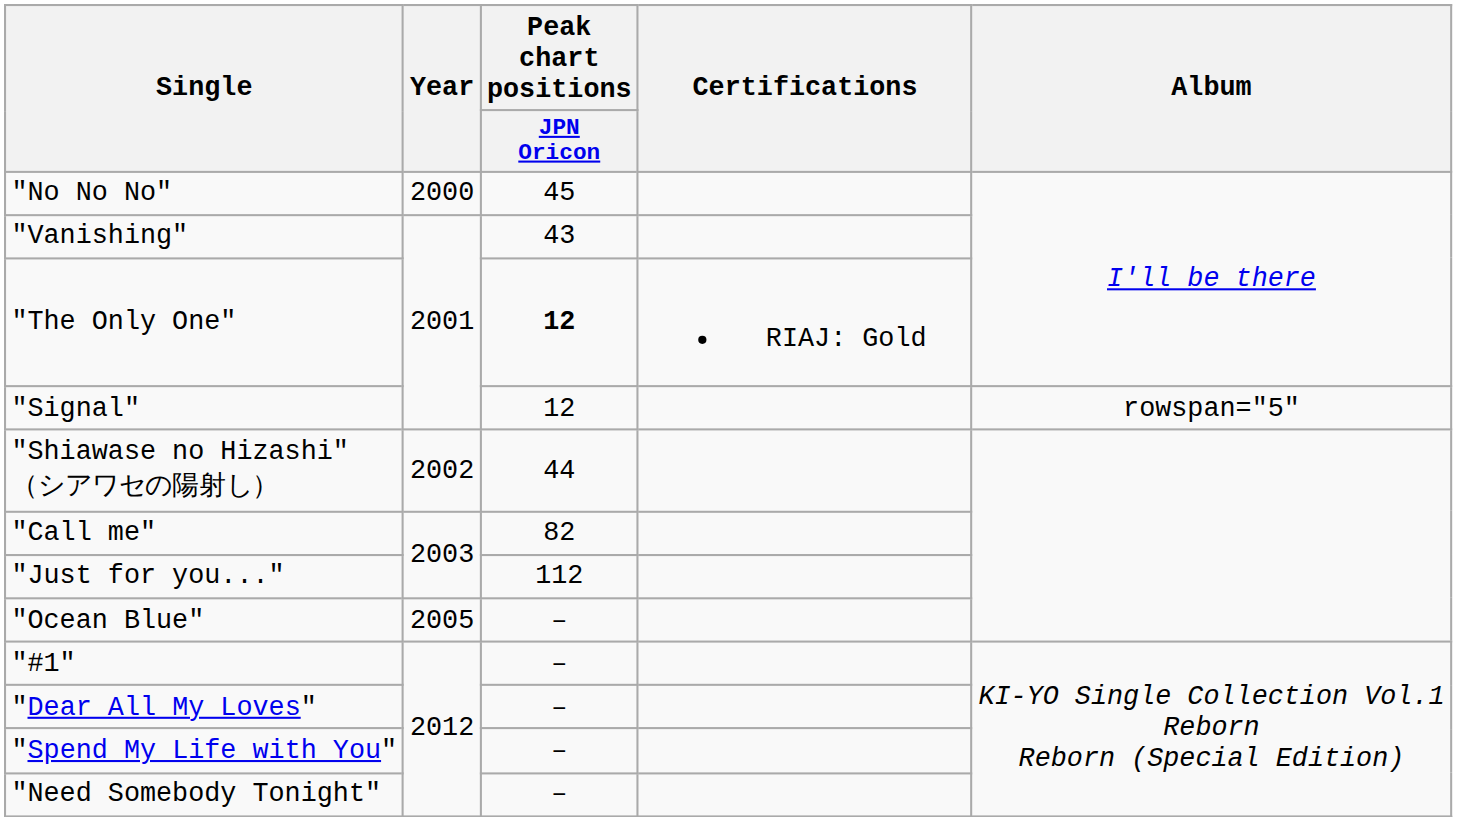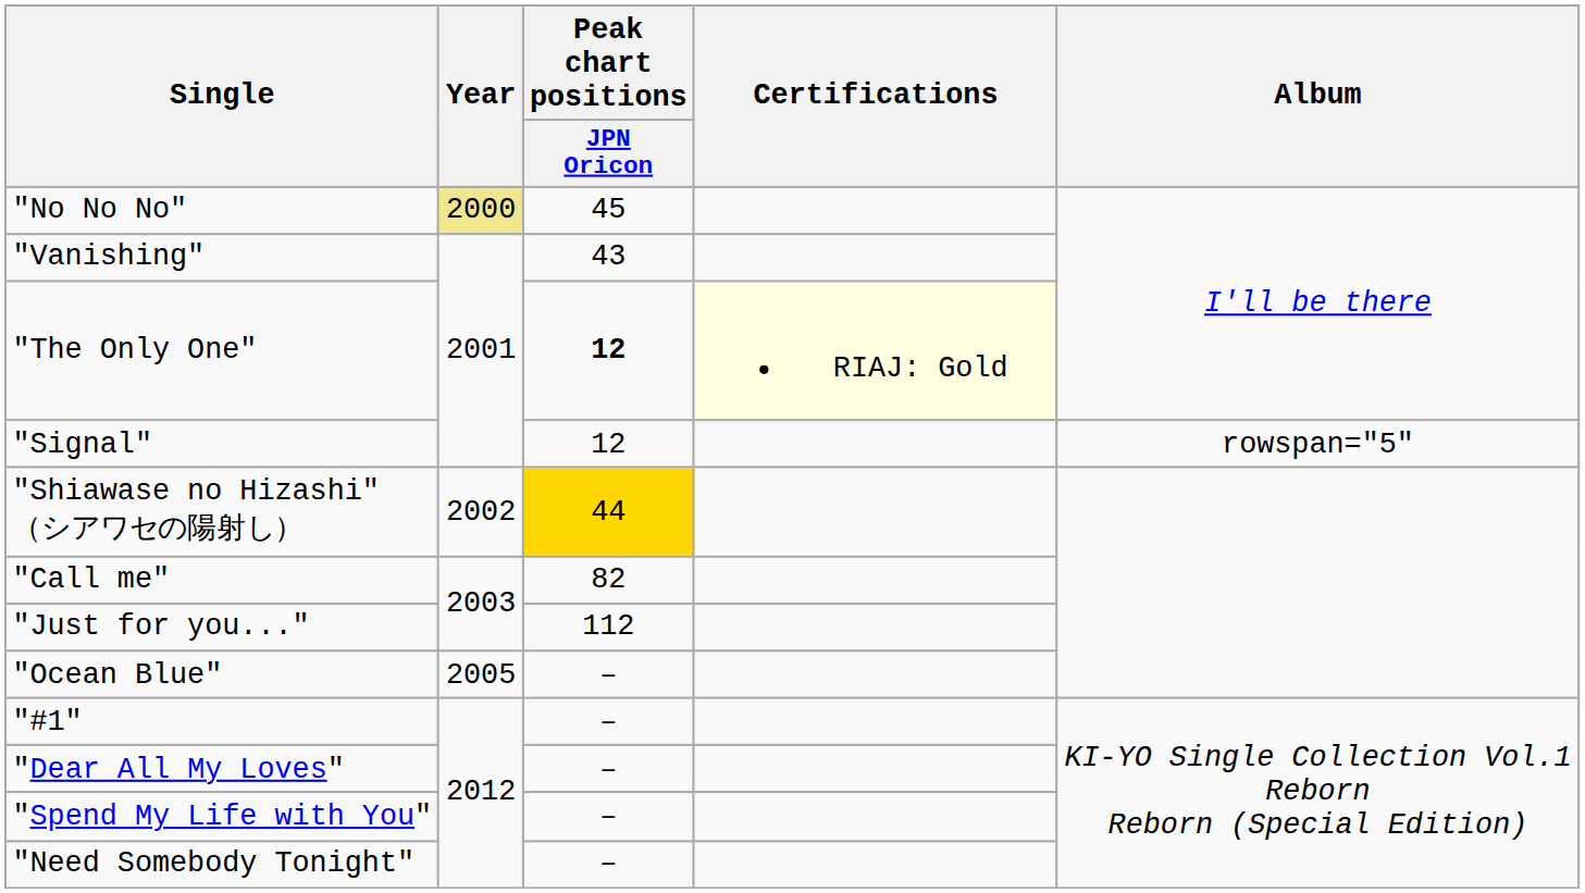 <table class="wikitable plainrowheaders" style="text-align:center;">
 <tr>
 <th scope="col" rowspan="2">Single</th>
 <th scope="col" rowspan="2">Year</th>
 <th colspan="1">Peak chart positions</th>
 <th scope="col" rowspan="2" style="width:12em;">Certifications</th>
 <th scope="col" rowspan="2">Album</th>
 </tr>
 <tr>
 <th scope="col" style="width:2.5em;font-size:85%;"><a href='#'>JPN<br>Oricon</a><br></th>
 </tr>
 <tr>
 <td style="text-align:left;">"No No No"</td>
-<td>2000</td>
+<td style="background: khaki;">2000</td>
 <td>45</td>
 <td></td>
 <td rowspan="3"><em><a href='#'>I'll be there</a></em></td>
 </tr>
 <tr>
 <td style="text-align:left;">"Vanishing"</td>
 <td rowspan="3">2001</td>
 <td>43</td>
 <td></td>
 </tr>
 <tr>
 <td style="text-align:left;">"The Only One"</td>
 <td><strong>12</strong></td>
-<td><br><ul><li>RIAJ: Gold</li></ul></td>
+<td style="background: lightyellow;"><br><ul><li>RIAJ: Gold</li></ul></td>
 </tr>
 <tr>
 <td style="text-align:left;">"Signal"</td>
 <td>12</td>
 <td></td>
 <td>rowspan="5" </td>
 </tr>
 <tr>
 <td style="text-align:left;">"Shiawase no Hizashi"<br>（シアワセの陽射し）</td>
 <td>2002</td>
-<td>44</td>
+<td style="background: gold;">44</td>
 <td></td>
 </tr>
 <tr>
 <td style="text-align:left;">"Call me"</td>
 <td rowspan="2">2003</td>
 <td>82</td>
 <td></td>
 </tr>
 <tr>
 <td style="text-align:left;">"Just for you..."</td>
 <td>112</td>
 <td></td>
 </tr>
 <tr>
 <td style="text-align:left;">"Ocean Blue"</td>
 <td>2005</td>
 <td>–</td>
 <td></td>
 </tr>
 <tr>
 <td style="text-align:left;">"#1"</td>
 <td rowspan="4">2012</td>
 <td>–</td>
 <td></td>
 <td rowspan="4"><em>KI-YO Single Collection Vol.1</em><br><em>Reborn</em><br><em>Reborn (Special Edition)</em></td>
 </tr>
 <tr>
 <td style="text-align:left;">"<a href='#'>Dear All My Loves</a>"</td>
 <td>–</td>
 <td></td>
 </tr>
 <tr>
 <td style="text-align:left;">"<a href='#'>Spend My Life with You</a>"</td>
 <td>–</td>
 <td></td>
 </tr>
 <tr>
 <td style="text-align:left;">"Need Somebody Tonight"</td>
 <td>–</td>
 <td></td>
 </tr>
 <tr>
 </tr>
 </table>
